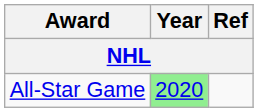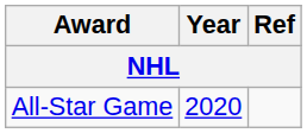 <table class="wikitable">
 <tr>
 <th>Award</th>
 <th>Year</th>
 <th>Ref</th>
 </tr>
 <tr>
 <th colspan="3"><a href='#'>NHL</a></th>
 </tr>
 <tr>
 <td><a href='#'>All-Star Game</a></td>
-<td style="background: lightgreen;"><a href='#'>2020</a></td>
+<td><a href='#'>2020</a></td>
 <td></td>
 </tr>
 </table>
